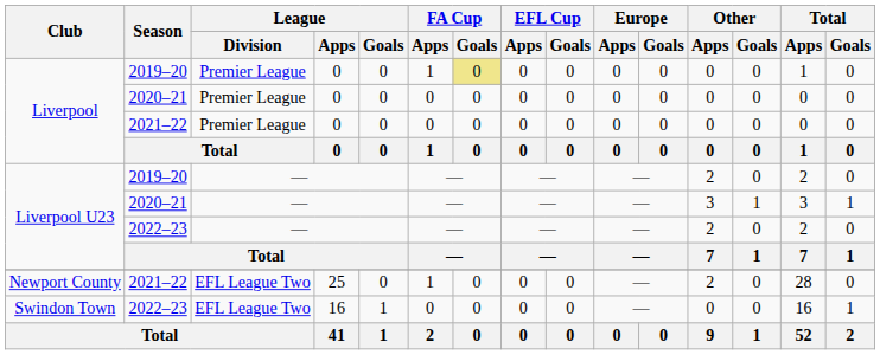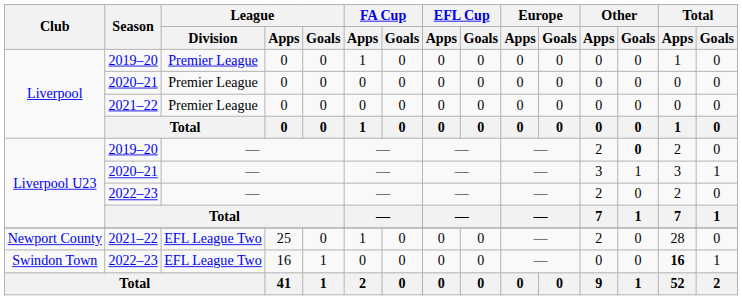 <table class="wikitable" style="text-align:center">
 <tr>
 <th rowspan=2>Club</th>
 <th rowspan=2>Season</th>
 <th colspan=3>League</th>
 <th colspan=2><a href='#'>FA Cup</a></th>
 <th colspan=2><a href='#'>EFL Cup</a></th>
 <th colspan=2>Europe</th>
 <th colspan=2>Other</th>
 <th colspan=2>Total</th>
 </tr>
 <tr>
 <th>Division</th>
 <th>Apps</th>
 <th>Goals</th>
 <th>Apps</th>
 <th>Goals</th>
 <th>Apps</th>
 <th>Goals</th>
 <th>Apps</th>
 <th>Goals</th>
 <th>Apps</th>
 <th>Goals</th>
 <th>Apps</th>
 <th>Goals</th>
 </tr>
 <tr>
 <td rowspan="4"><a href='#'>Liverpool</a></td>
 <td><a href='#'>2019–20</a></td>
 <td><a href='#'>Premier League</a></td>
 <td>0</td>
 <td>0</td>
 <td>1</td>
-<td style="background: khaki;">0</td>
+<td>0</td>
 <td>0</td>
 <td>0</td>
 <td>0</td>
 <td>0</td>
 <td>0</td>
 <td>0</td>
 <td>1</td>
 <td>0</td>
 </tr>
 <tr>
 <td><a href='#'>2020–21</a></td>
 <td>Premier League</td>
 <td>0</td>
 <td>0</td>
 <td>0</td>
 <td>0</td>
 <td>0</td>
 <td>0</td>
 <td>0</td>
 <td>0</td>
 <td>0</td>
 <td>0</td>
 <td>0</td>
 <td>0</td>
 </tr>
 <tr>
 <td><a href='#'>2021–22</a></td>
 <td>Premier League</td>
 <td>0</td>
 <td>0</td>
 <td>0</td>
 <td>0</td>
 <td>0</td>
 <td>0</td>
 <td>0</td>
 <td>0</td>
 <td>0</td>
 <td>0</td>
 <td>0</td>
 <td>0</td>
 </tr>
 <tr>
 <th colspan=2>Total</th>
 <th>0</th>
 <th>0</th>
 <th>1</th>
 <th>0</th>
 <th>0</th>
 <th>0</th>
 <th>0</th>
 <th>0</th>
 <th>0</th>
 <th>0</th>
 <th>1</th>
 <th>0</th>
 </tr>
 <tr>
 <td rowspan="4"><a href='#'>Liverpool U23</a></td>
 <td><a href='#'>2019–20</a></td>
 <td colspan=3>—</td>
 <td colspan=2>—</td>
 <td colspan=2>—</td>
 <td colspan=2>—</td>
 <td>2</td>
-<td>0</td>
+<td><strong>0</strong></td>
 <td>2</td>
 <td>0</td>
 </tr>
 <tr>
 <td><a href='#'>2020–21</a></td>
 <td colspan=3>—</td>
 <td colspan=2>—</td>
 <td colspan=2>—</td>
 <td colspan=2>—</td>
 <td>3</td>
 <td>1</td>
 <td>3</td>
 <td>1</td>
 </tr>
 <tr>
 <td><a href='#'>2022–23</a></td>
 <td colspan=3>—</td>
 <td colspan=2>—</td>
 <td colspan=2>—</td>
 <td colspan=2>—</td>
 <td>2</td>
 <td>0</td>
 <td>2</td>
 <td>0</td>
 </tr>
 <tr>
 <th colspan=4>Total</th>
 <th colspan=2>—</th>
 <th colspan=2>—</th>
 <th colspan=2>—</th>
 <th>7</th>
 <th>1</th>
 <th>7</th>
 <th>1</th>
 </tr>
 <tr>
 </tr>
 <tr>
 <td><a href='#'>Newport County</a></td>
 <td><a href='#'>2021–22</a></td>
 <td><a href='#'>EFL League Two</a></td>
 <td>25</td>
 <td>0</td>
 <td>1</td>
 <td>0</td>
 <td>0</td>
 <td>0</td>
 <td colspan=2>—</td>
 <td>2</td>
 <td>0</td>
 <td>28</td>
 <td>0</td>
 </tr>
 <tr>
 <td><a href='#'>Swindon Town</a></td>
 <td><a href='#'>2022–23</a></td>
 <td><a href='#'>EFL League Two</a></td>
 <td>16</td>
 <td>1</td>
 <td>0</td>
 <td>0</td>
 <td>0</td>
 <td>0</td>
 <td colspan=2>—</td>
 <td>0</td>
 <td>0</td>
-<td>16</td>
+<td><strong>16</strong></td>
 <td>1</td>
 </tr>
 <tr>
 <th colspan=3>Total</th>
 <th>41</th>
 <th>1</th>
 <th>2</th>
 <th>0</th>
 <th>0</th>
 <th>0</th>
 <th>0</th>
 <th>0</th>
 <th>9</th>
 <th>1</th>
 <th>52</th>
 <th>2</th>
 </tr>
 </table>
